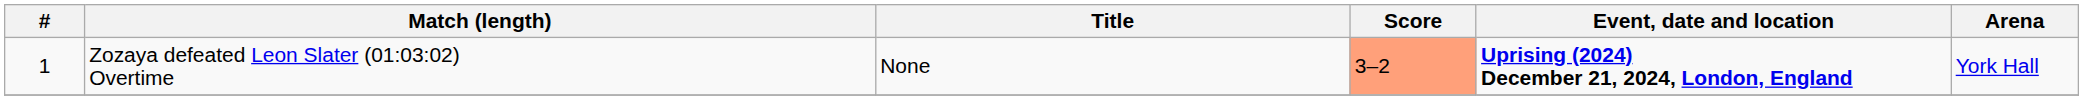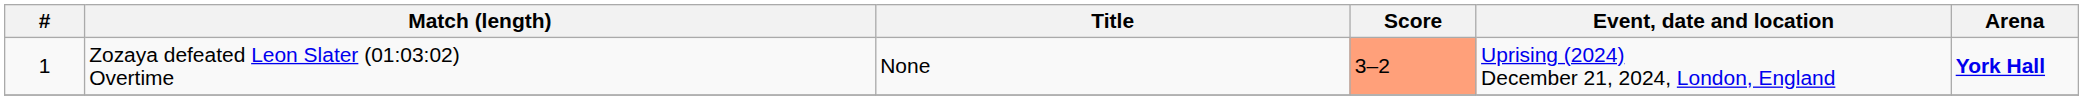 <table class="wikitable" style="width:100%">
 <tr>
 <th width="1%">#</th>
 <th width="10%">Match (length)</th>
 <th width="6%">Title</th>
 <th width="1%">Score</th>
 <th width="6%">Event, date and location</th>
 <th width="1%">Arena</th>
 </tr>
 <tr>
 <td align=center>1</td>
 <td>Zozaya defeated <a href='#'>Leon Slater</a> (01:03:02)<br>Overtime</td>
 <td>None</td>
 <td style="background: lightsalmon;">3–2</td>
-<td><strong><a href='#'>Uprising (2024)</a><br>December 21, 2024, <a href='#'>London, England</a></strong></td>
-<td><a href='#'>York Hall</a></td>
+<td><a href='#'>Uprising (2024)</a><br>December 21, 2024, <a href='#'>London, England</a></td>
+<td><strong><a href='#'>York Hall</a></strong></td>
 </tr>
 <tr>
 </tr>
 </table>
